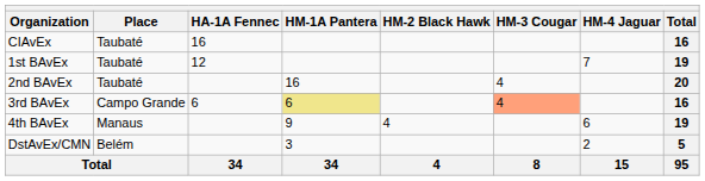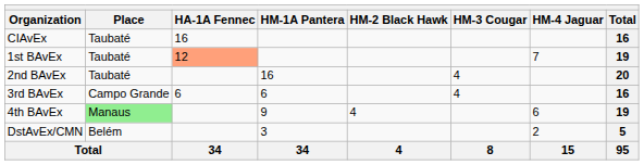 <table class="wikitable mw-collapsible mw-collapsed">
 <tr>
 <th colspan="8"></th>
 </tr>
 <tr>
 <th>Organization</th>
 <th>Place</th>
 <th>HA-1A Fennec</th>
 <th>HM-1A Pantera</th>
 <th>HM-2 Black Hawk</th>
 <th>HM-3 Cougar</th>
 <th>HM-4 Jaguar</th>
 <th>Total</th>
 </tr>
 <tr>
 <td>CIAvEx</td>
 <td>Taubaté</td>
 <td>16</td>
 <td></td>
 <td></td>
 <td></td>
 <td></td>
 <th>16</th>
 </tr>
 <tr>
 <td>1st BAvEx</td>
 <td>Taubaté</td>
-<td>12</td>
+<td style="background: lightsalmon;">12</td>
 <td></td>
 <td></td>
 <td></td>
 <td>7</td>
 <th>19</th>
 </tr>
 <tr>
 <td>2nd BAvEx</td>
 <td>Taubaté</td>
 <td></td>
 <td>16</td>
 <td></td>
 <td>4</td>
 <td></td>
 <th>20</th>
 </tr>
 <tr>
 <td>3rd BAvEx</td>
 <td>Campo Grande</td>
 <td>6</td>
-<td style="background: khaki;">6</td>
+<td>6</td>
 <td></td>
-<td style="background: lightsalmon;">4</td>
+<td>4</td>
 <td></td>
 <th>16</th>
 </tr>
 <tr>
 <td>4th BAvEx</td>
-<td>Manaus</td>
+<td style="background: lightgreen;">Manaus</td>
 <td></td>
 <td>9</td>
 <td>4</td>
 <td></td>
 <td>6</td>
 <th>19</th>
 </tr>
 <tr>
 <td>DstAvEx/CMN</td>
 <td>Belém</td>
 <td></td>
 <td>3</td>
 <td></td>
 <td></td>
 <td>2</td>
 <th>5</th>
 </tr>
 <tr>
 <th colspan="2">Total</th>
 <th>34</th>
 <th>34</th>
 <th>4</th>
 <th>8</th>
 <th>15</th>
 <th>95</th>
 </tr>
 </table>
